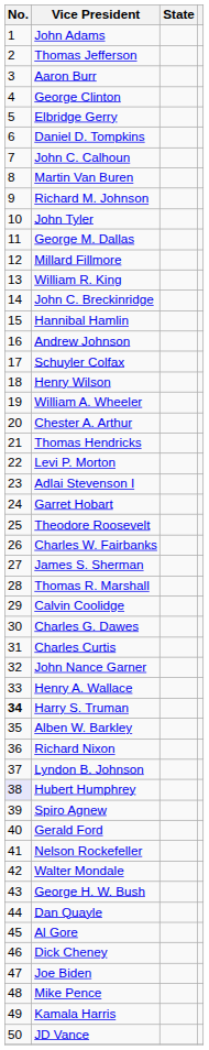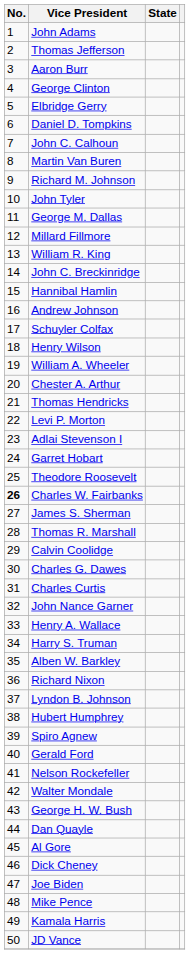 <table class="wikitable sortable">
 <tr>
 <th><abbr>No.</abbr></th>
 <th>Vice President</th>
 <th>State</th>
 <th></th>
 </tr>
 <tr>
 <td>1</td>
 <td><a href='#'>John Adams</a></td>
 <td></td>
 <td></td>
 </tr>
 <tr>
 <td>2</td>
 <td><a href='#'>Thomas Jefferson</a></td>
 <td></td>
 <td></td>
 </tr>
 <tr>
 <td>3</td>
 <td><a href='#'>Aaron Burr</a></td>
 <td></td>
 <td></td>
 </tr>
 <tr>
 <td>4</td>
 <td><a href='#'>George Clinton</a></td>
 <td></td>
 <td></td>
 </tr>
 <tr>
 <td>5</td>
 <td><a href='#'>Elbridge Gerry</a></td>
 <td></td>
 <td></td>
 </tr>
 <tr>
 <td>6</td>
 <td><a href='#'>Daniel D. Tompkins</a></td>
 <td></td>
 <td></td>
 </tr>
 <tr>
 <td>7</td>
 <td><a href='#'>John C. Calhoun</a></td>
 <td></td>
 <td></td>
 </tr>
 <tr>
 <td>8</td>
 <td><a href='#'>Martin Van Buren</a></td>
 <td></td>
 <td></td>
 </tr>
 <tr>
 <td>9</td>
 <td><a href='#'>Richard M. Johnson</a></td>
 <td></td>
 <td></td>
 </tr>
 <tr>
 <td>10</td>
 <td><a href='#'>John Tyler</a></td>
 <td></td>
 <td></td>
 </tr>
 <tr>
 <td>11</td>
 <td><a href='#'>George M. Dallas</a></td>
 <td></td>
 <td></td>
 </tr>
 <tr>
 <td>12</td>
 <td><a href='#'>Millard Fillmore</a></td>
 <td></td>
 <td></td>
 </tr>
 <tr>
 <td>13</td>
 <td><a href='#'>William R. King</a></td>
 <td></td>
 <td></td>
 </tr>
 <tr>
 <td>14</td>
 <td><a href='#'>John C. Breckinridge</a></td>
 <td></td>
 <td></td>
 </tr>
 <tr>
 <td>15</td>
 <td><a href='#'>Hannibal Hamlin</a></td>
 <td></td>
 <td></td>
 </tr>
 <tr>
 <td>16</td>
 <td><a href='#'>Andrew Johnson</a></td>
 <td></td>
 <td></td>
 </tr>
 <tr>
 <td>17</td>
 <td><a href='#'>Schuyler Colfax</a></td>
 <td></td>
 <td></td>
 </tr>
 <tr>
 <td>18</td>
 <td><a href='#'>Henry Wilson</a></td>
 <td></td>
 <td></td>
 </tr>
 <tr>
 <td>19</td>
 <td><a href='#'>William A. Wheeler</a></td>
 <td></td>
 <td></td>
 </tr>
 <tr>
 <td>20</td>
 <td><a href='#'>Chester A. Arthur</a></td>
 <td></td>
 <td></td>
 </tr>
 <tr>
 <td>21</td>
 <td><a href='#'>Thomas Hendricks</a></td>
 <td></td>
 <td></td>
 </tr>
 <tr>
 <td>22</td>
 <td><a href='#'>Levi P. Morton</a></td>
 <td></td>
 <td></td>
 </tr>
 <tr>
 <td>23</td>
 <td><a href='#'>Adlai Stevenson I</a></td>
 <td></td>
 <td></td>
 </tr>
 <tr>
 <td>24</td>
 <td><a href='#'>Garret Hobart</a></td>
 <td></td>
 <td></td>
 </tr>
 <tr>
 <td>25</td>
 <td><a href='#'>Theodore Roosevelt</a></td>
 <td></td>
 <td></td>
 </tr>
 <tr>
-<td>26</td>
+<td><strong>26</strong></td>
 <td><a href='#'>Charles W. Fairbanks</a></td>
 <td></td>
 <td></td>
 </tr>
 <tr>
 <td>27</td>
 <td><a href='#'>James S. Sherman</a></td>
 <td></td>
 <td></td>
 </tr>
 <tr>
 <td>28</td>
 <td><a href='#'>Thomas R. Marshall</a></td>
 <td></td>
 <td></td>
 </tr>
 <tr>
 <td>29</td>
 <td><a href='#'>Calvin Coolidge</a></td>
 <td></td>
 <td></td>
 </tr>
 <tr>
 <td>30</td>
 <td><a href='#'>Charles G. Dawes</a></td>
 <td></td>
 <td></td>
 </tr>
 <tr>
 <td>31</td>
 <td><a href='#'>Charles Curtis</a></td>
 <td></td>
 <td></td>
 </tr>
 <tr>
 <td>32</td>
 <td><a href='#'>John Nance Garner</a></td>
 <td></td>
 <td></td>
 </tr>
 <tr>
 <td>33</td>
 <td><a href='#'>Henry A. Wallace</a></td>
 <td></td>
 <td></td>
 </tr>
 <tr>
-<td><strong>34</strong></td>
+<td>34</td>
 <td><a href='#'>Harry S. Truman</a></td>
 <td></td>
 <td></td>
 </tr>
 <tr>
 <td>35</td>
 <td><a href='#'>Alben W. Barkley</a></td>
 <td></td>
 <td></td>
 </tr>
 <tr>
 <td>36</td>
 <td><a href='#'>Richard Nixon</a></td>
 <td></td>
 <td></td>
 </tr>
 <tr>
 <td>37</td>
 <td><a href='#'>Lyndon B. Johnson</a></td>
 <td></td>
 <td></td>
 </tr>
 <tr>
-<td style="background: lavender;">38</td>
+<td>38</td>
 <td><a href='#'>Hubert Humphrey</a></td>
 <td></td>
 <td></td>
 </tr>
 <tr>
 <td>39</td>
 <td><a href='#'>Spiro Agnew</a></td>
 <td></td>
 <td></td>
 </tr>
 <tr>
 <td>40</td>
 <td><a href='#'>Gerald Ford</a></td>
 <td></td>
 <td></td>
 </tr>
 <tr>
 <td>41</td>
 <td><a href='#'>Nelson Rockefeller</a></td>
 <td></td>
 <td></td>
 </tr>
 <tr>
 <td>42</td>
 <td><a href='#'>Walter Mondale</a></td>
 <td></td>
 <td></td>
 </tr>
 <tr>
 <td>43</td>
 <td><a href='#'>George H. W. Bush</a></td>
 <td></td>
 <td></td>
 </tr>
 <tr>
 <td>44</td>
 <td><a href='#'>Dan Quayle</a></td>
 <td></td>
 <td></td>
 </tr>
 <tr>
 <td>45</td>
 <td><a href='#'>Al Gore</a></td>
 <td></td>
 <td></td>
 </tr>
 <tr>
 <td>46</td>
 <td><a href='#'>Dick Cheney</a></td>
 <td></td>
 <td></td>
 </tr>
 <tr>
 <td>47</td>
 <td><a href='#'>Joe Biden</a></td>
 <td></td>
 <td></td>
 </tr>
 <tr>
 <td>48</td>
 <td><a href='#'>Mike Pence</a></td>
 <td></td>
 <td></td>
 </tr>
 <tr>
 <td>49</td>
 <td><a href='#'>Kamala Harris</a></td>
 <td></td>
 <td></td>
 </tr>
 <tr>
 <td>50</td>
 <td><a href='#'>JD Vance</a></td>
 <td></td>
 <td></td>
 </tr>
 <tr>
 </tr>
 </table>
